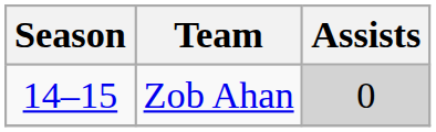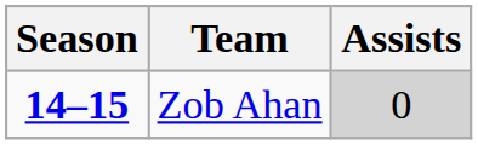 <table class="wikitable" style="text-align: center;">
 <tr>
 <th>Season</th>
 <th>Team</th>
 <th>Assists</th>
 </tr>
 <tr>
-<td><a href='#'>14–15</a></td>
+<td><strong><a href='#'>14–15</a></strong></td>
 <td align="left"><a href='#'>Zob Ahan</a></td>
 <td style="background: lightgrey;">0</td>
 </tr>
 <tr>
 </tr>
 </table>
